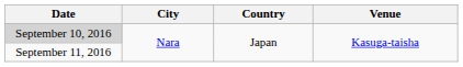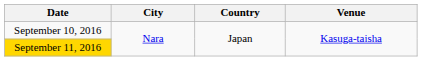 <table class="wikitable plainrowheaders" style="text-align:center;">
 <tr>
 <th scope="col" style="width:12em;">Date</th>
 <th scope="col" style="width:10em;">City</th>
 <th scope="col" style="width:10em;">Country</th>
 <th scope="col" style="width:16em;">Venue</th>
 </tr>
 <tr>
-<td style="background: lightgrey;">September 10, 2016</td>
+<td>September 10, 2016</td>
 <td rowspan="2"><a href='#'>Nara</a></td>
 <td rowspan="2">Japan</td>
 <td rowspan="2"><a href='#'>Kasuga-taisha</a></td>
 </tr>
 <tr>
-<td>September 11, 2016</td>
+<td style="background: gold;">September 11, 2016</td>
 </tr>
 </table>
